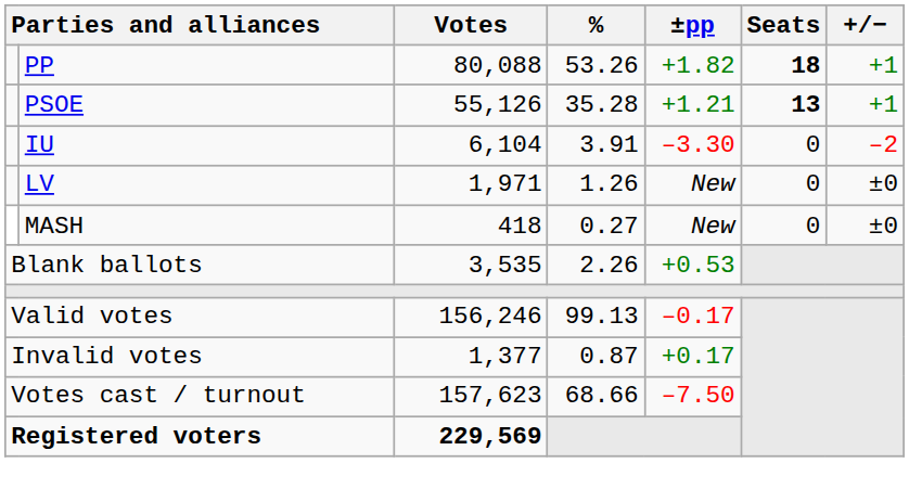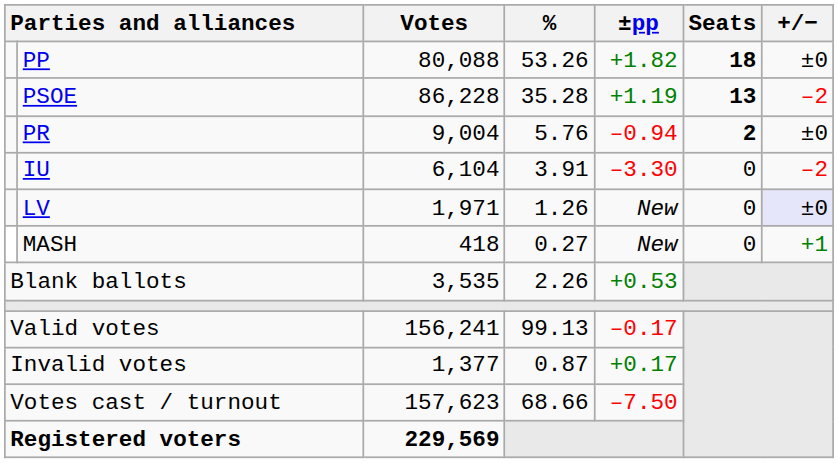 <table class="wikitable" style="text-align:right;">
 <tr>
 <th style="text-align:left;" colspan="2" width="200">Parties and alliances</th>
 <th width="75">Votes</th>
 <th width="45">%</th>
 <th width="45">±<a href='#'>pp</a></th>
 <th width="35">Seats</th>
 <th width="35">+/−</th>
 </tr>
 <tr>
 <td width="1" style="color:inherit;background:"></td>
 <td align="left"><a href='#'>PP</a></td>
 <td>80,088</td>
 <td>53.26</td>
 <td style="color:green;">+1.82</td>
 <td><strong>18</strong></td>
-<td style="color:green;">+1</td>
+<td>±0</td>
 </tr>
 <tr>
 <td style="color:inherit;background:"></td>
 <td align="left"><a href='#'>PSOE</a></td>
-<td>55,126</td>
+<td>86,228</td>
 <td>35.28</td>
-<td style="color:green;">+1.21</td>
+<td style="color:green;">+1.19</td>
 <td><strong>13</strong></td>
-<td style="color:green;">+1</td>
+<td style="color:red;">–2</td>
+</tr>
+<tr>
+<td style="color:inherit;background:"></td>
+<td align="left"><a href='#'>PR</a></td>
+<td>9,004</td>
+<td>5.76</td>
+<td style="color:red;">–0.94</td>
+<td><strong>2</strong></td>
+<td>±0</td>
 </tr>
 <tr>
 <td style="color:inherit;background:"></td>
 <td align="left"><a href='#'>IU</a></td>
 <td>6,104</td>
 <td>3.91</td>
 <td style="color:red;">–3.30</td>
 <td>0</td>
 <td style="color:red;">–2</td>
 </tr>
 <tr>
 <td style="color:inherit;background:"></td>
 <td align="left"><a href='#'>LV</a></td>
 <td>1,971</td>
 <td>1.26</td>
 <td><em>New</em></td>
 <td>0</td>
-<td>±0</td>
+<td style="background: lavender;">±0</td>
 </tr>
 <tr>
 <td bgcolor="white"></td>
 <td align="left">MASH</td>
 <td>418</td>
 <td>0.27</td>
 <td><em>New</em></td>
 <td>0</td>
-<td>±0</td>
+<td style="color:green;">+1</td>
 </tr>
 <tr>
 <td align="left" colspan="2">Blank ballots</td>
 <td>3,535</td>
 <td>2.26</td>
 <td style="color:green;">+0.53</td>
 <td bgcolor="#E9E9E9" colspan="2"></td>
 </tr>
 <tr>
 <td colspan="7" bgcolor="#E9E9E9"></td>
 </tr>
 <tr>
 <td align="left" colspan="2">Valid votes</td>
-<td>156,246</td>
+<td>156,241</td>
 <td>99.13</td>
 <td style="color:red;">–0.17</td>
 <td bgcolor="#E9E9E9" colspan="2" rowspan="4"></td>
 </tr>
 <tr>
 <td align="left" colspan="2">Invalid votes</td>
 <td>1,377</td>
 <td>0.87</td>
 <td style="color:green;">+0.17</td>
 </tr>
 <tr>
 <td align="left" colspan="2">Votes cast / turnout</td>
 <td>157,623</td>
 <td>68.66</td>
 <td style="color:red;">–7.50</td>
 </tr>
 <tr style="font-weight:bold;">
 <td align="left" colspan="2">Registered voters</td>
 <td>229,569</td>
 <td bgcolor="#E9E9E9" colspan="2"></td>
 </tr>
 </table>
